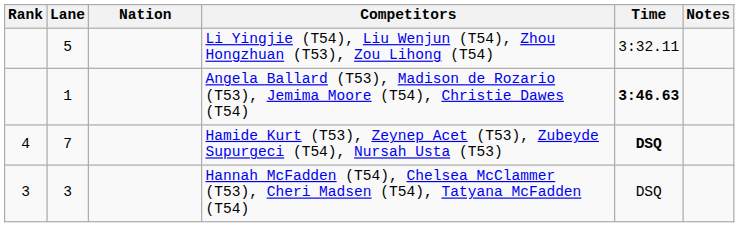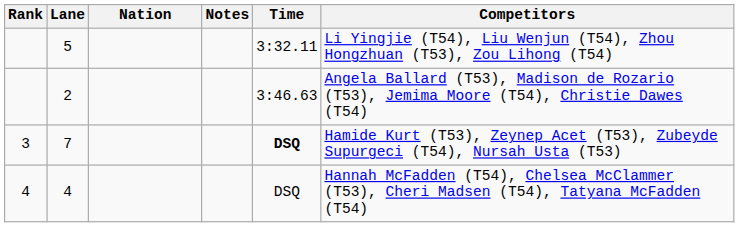 <table class="wikitable sortable"  style="width:70%; text-align:center; font-size:95%;">
 <tr>
 <th width=15>Rank</th>
 <th width=15>Lane</th>
 <th width=100>Nation</th>
+<th width=15>Notes</th>
+<th width=15>Time</th>
 <th width=400>Competitors</th>
-<th width=15>Time</th>
-<th width=15>Notes</th>
 </tr>
 <tr>
 <td></td>
 <td>5</td>
 <td align=left></td>
+<td></td>
+<td>3:32.11</td>
 <td align=left><a href='#'>Li Yingjie</a> (T54), <a href='#'>Liu Wenjun</a> (T54), <a href='#'>Zhou Hongzhuan</a> (T53), <a href='#'>Zou Lihong</a> (T54)</td>
-<td>3:32.11</td>
-<td></td>
 </tr>
 <tr>
 <td></td>
-<td>1</td>
+<td>2</td>
 <td align=left></td>
+<td></td>
+<td>3:46.63</td>
 <td align=left><a href='#'>Angela Ballard</a> (T53), <a href='#'>Madison de Rozario</a> (T53), <a href='#'>Jemima Moore</a> (T54), <a href='#'>Christie Dawes</a> (T54)</td>
-<td><strong>3:46.63</strong></td>
+</tr>
+<tr>
+<td>3</td>
+<td>7</td>
+<td align=left></td>
 <td></td>
+<td><strong>DSQ</strong></td>
+<td align=left><a href='#'>Hamide Kurt</a> (T53), <a href='#'>Zeynep Acet</a> (T53), <a href='#'>Zubeyde Supurgeci</a> (T54), <a href='#'>Nursah Usta</a> (T53)</td>
 </tr>
 <tr>
 <td>4</td>
-<td>7</td>
+<td>4</td>
 <td align=left></td>
-<td align=left><a href='#'>Hamide Kurt</a> (T53), <a href='#'>Zeynep Acet</a> (T53), <a href='#'>Zubeyde Supurgeci</a> (T54), <a href='#'>Nursah Usta</a> (T53)</td>
-<td><strong>DSQ</strong></td>
 <td></td>
-</tr>
-<tr>
-<td>3</td>
-<td>3</td>
-<td align=left></td>
+<td>DSQ</td>
 <td align=left><a href='#'>Hannah McFadden</a> (T54), <a href='#'>Chelsea McClammer</a> (T53), <a href='#'>Cheri Madsen</a> (T54), <a href='#'>Tatyana McFadden</a> (T54)</td>
-<td>DSQ</td>
-<td></td>
 </tr>
 </table>
